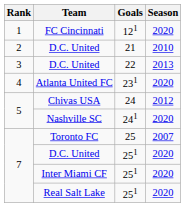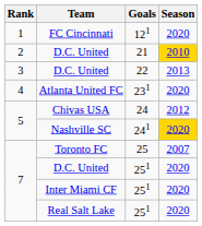 <table class="wikitable sortable" style="text-align:center">
 <tr>
 <th>Rank</th>
 <th>Team</th>
 <th>Goals</th>
 <th>Season</th>
 </tr>
 <tr>
 <td>1</td>
 <td><a href='#'>FC Cincinnati</a></td>
 <td>12<sup>1</sup></td>
 <td><a href='#'>2020</a></td>
 </tr>
 <tr>
 <td>2</td>
 <td><a href='#'>D.C. United</a></td>
 <td>21</td>
-<td><a href='#'>2010</a></td>
+<td style="background: gold;"><a href='#'>2010</a></td>
 </tr>
 <tr>
 <td>3</td>
 <td><a href='#'>D.C. United</a></td>
 <td>22</td>
 <td><a href='#'>2013</a></td>
 </tr>
 <tr>
 <td>4</td>
 <td><a href='#'>Atlanta United FC</a></td>
 <td>23<sup>1</sup></td>
 <td><a href='#'>2020</a></td>
 </tr>
 <tr>
 <td rowspan="2">5</td>
 <td><a href='#'>Chivas USA</a></td>
 <td>24</td>
 <td><a href='#'>2012</a></td>
 </tr>
 <tr>
 <td><a href='#'>Nashville SC</a></td>
 <td>24<sup>1</sup></td>
-<td><a href='#'>2020</a></td>
+<td style="background: gold;"><a href='#'>2020</a></td>
 </tr>
 <tr>
 <td rowspan="4">7</td>
 <td><a href='#'>Toronto FC</a></td>
 <td>25</td>
 <td><a href='#'>2007</a></td>
 </tr>
 <tr>
 <td><a href='#'>D.C. United</a></td>
 <td>25<sup>1</sup></td>
 <td><a href='#'>2020</a></td>
 </tr>
 <tr>
 <td><a href='#'>Inter Miami CF</a></td>
 <td>25<sup>1</sup></td>
 <td><a href='#'>2020</a></td>
 </tr>
 <tr>
 <td><a href='#'>Real Salt Lake</a></td>
 <td>25<sup>1</sup></td>
 <td><a href='#'>2020</a><br></td>
 </tr>
 </table>
